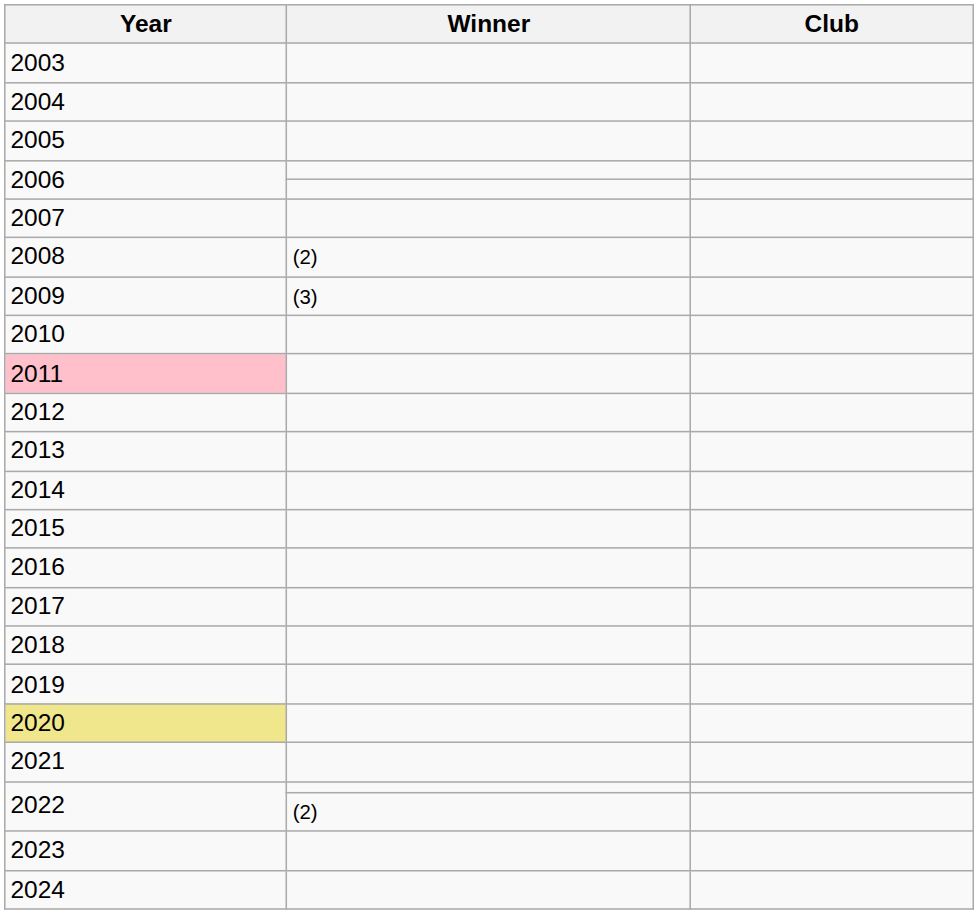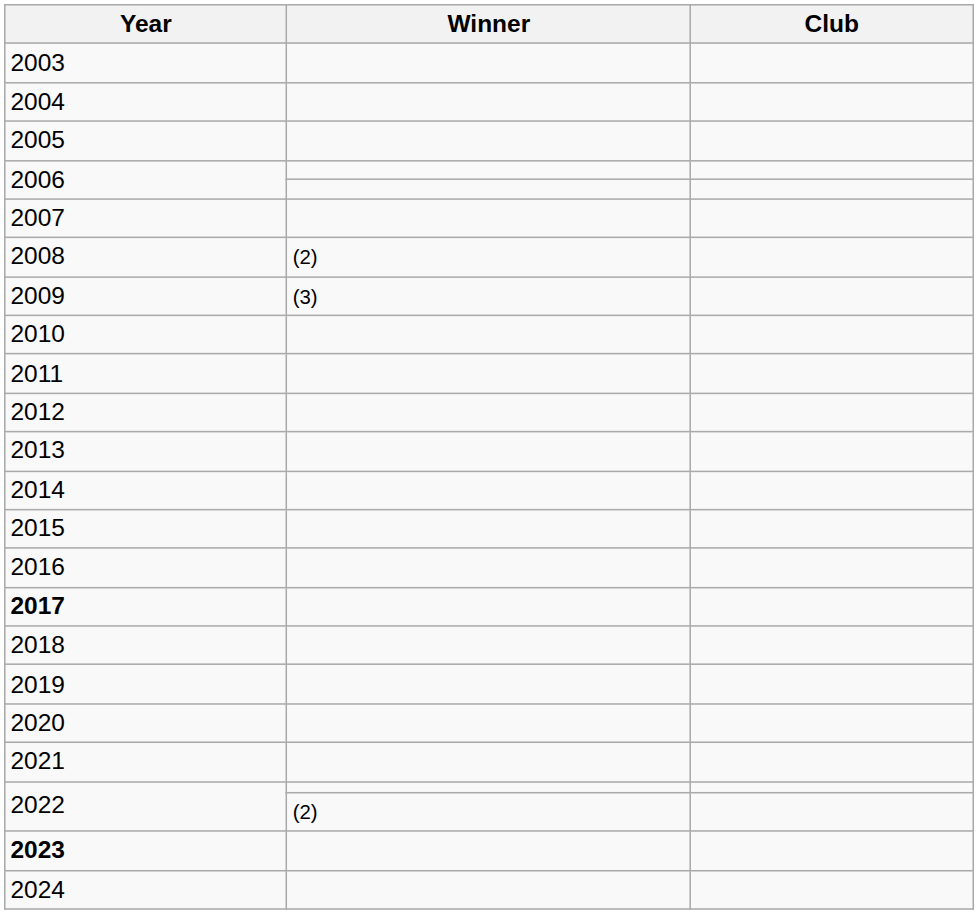 <table class="wikitable sortable" width="40%">
 <tr bgcolor="#efefef">
 <th>Year</th>
 <th>Winner</th>
 <th>Club</th>
 </tr>
 <tr>
 <td>2003</td>
 <td></td>
 <td></td>
 </tr>
 <tr>
 <td>2004</td>
 <td></td>
 <td></td>
 </tr>
 <tr>
 <td>2005</td>
 <td></td>
 <td></td>
 </tr>
 <tr>
 <td rowspan=2>2006</td>
 <td></td>
 <td></td>
 </tr>
 <tr>
 <td></td>
 <td></td>
 </tr>
 <tr>
 <td>2007</td>
 <td></td>
 <td></td>
 </tr>
 <tr>
 <td>2008</td>
 <td> <small>(2)</small></td>
 <td></td>
 </tr>
 <tr>
 <td>2009</td>
 <td> <small>(3)</small></td>
 <td></td>
 </tr>
 <tr>
 <td>2010</td>
 <td></td>
 <td></td>
 </tr>
 <tr>
-<td style="background: pink;">2011</td>
+<td>2011</td>
 <td></td>
 <td></td>
 </tr>
 <tr>
 <td>2012</td>
 <td></td>
 <td></td>
 </tr>
 <tr>
 <td>2013</td>
 <td></td>
 <td></td>
 </tr>
 <tr>
 <td>2014</td>
 <td></td>
 <td></td>
 </tr>
 <tr>
 <td>2015</td>
 <td></td>
 <td></td>
 </tr>
 <tr>
 <td>2016</td>
 <td></td>
 <td></td>
 </tr>
 <tr>
-<td>2017</td>
+<td><strong>2017</strong></td>
 <td></td>
 <td></td>
 </tr>
 <tr>
 <td>2018</td>
 <td></td>
 <td></td>
 </tr>
 <tr>
 <td>2019</td>
 <td></td>
 <td></td>
 </tr>
 <tr>
-<td style="background: khaki;">2020</td>
+<td>2020</td>
 <td></td>
 <td></td>
 </tr>
 <tr>
 <td>2021</td>
 <td></td>
 <td></td>
 </tr>
 <tr>
 <td rowspan="2">2022</td>
 <td></td>
 <td></td>
 </tr>
 <tr>
 <td> <small>(2)</small></td>
 <td></td>
 </tr>
 <tr>
-<td>2023</td>
+<td><strong>2023</strong></td>
 <td></td>
 <td></td>
 </tr>
 <tr>
 <td>2024</td>
 <td></td>
 <td></td>
 </tr>
 </table>
